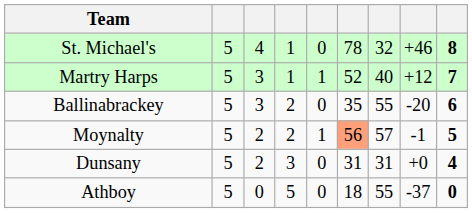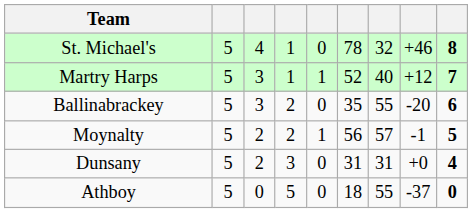 <table class="wikitable" style="text-align:center">
 <tr>
 <th width="175">Team</th>
 <th width="20"></th>
 <th width="20"></th>
 <th width="20"></th>
 <th width="20"></th>
 <th width="20"></th>
 <th width="20"></th>
 <th width="20"></th>
 <th width="20"></th>
 </tr>
 <tr style="background:#cfc;">
 <td>St. Michael's</td>
 <td>5</td>
 <td>4</td>
 <td>1</td>
 <td>0</td>
 <td>78</td>
 <td>32</td>
 <td>+46</td>
 <td><strong>8</strong></td>
 </tr>
 <tr style="background:#cfc;">
 <td>Martry Harps</td>
 <td>5</td>
 <td>3</td>
 <td>1</td>
 <td>1</td>
 <td>52</td>
 <td>40</td>
 <td>+12</td>
 <td><strong>7</strong></td>
 </tr>
 <tr>
 <td>Ballinabrackey</td>
 <td>5</td>
 <td>3</td>
 <td>2</td>
 <td>0</td>
 <td>35</td>
 <td>55</td>
 <td>-20</td>
 <td><strong>6</strong></td>
 </tr>
 <tr>
 <td>Moynalty</td>
 <td>5</td>
 <td>2</td>
 <td>2</td>
 <td>1</td>
-<td style="background: lightsalmon;">56</td>
+<td>56</td>
 <td>57</td>
 <td>-1</td>
 <td><strong>5</strong></td>
 </tr>
 <tr>
 <td>Dunsany</td>
 <td>5</td>
 <td>2</td>
 <td>3</td>
 <td>0</td>
 <td>31</td>
 <td>31</td>
 <td>+0</td>
 <td><strong>4</strong></td>
 </tr>
 <tr>
 <td>Athboy</td>
 <td>5</td>
 <td>0</td>
 <td>5</td>
 <td>0</td>
 <td>18</td>
 <td>55</td>
 <td>-37</td>
 <td><strong>0</strong></td>
 </tr>
 </table>
